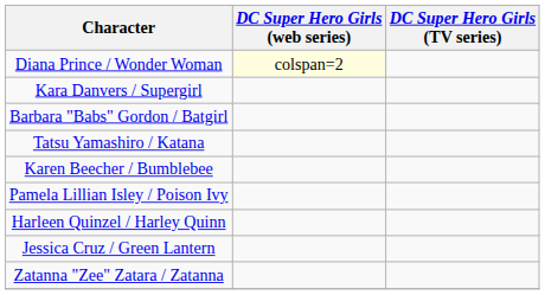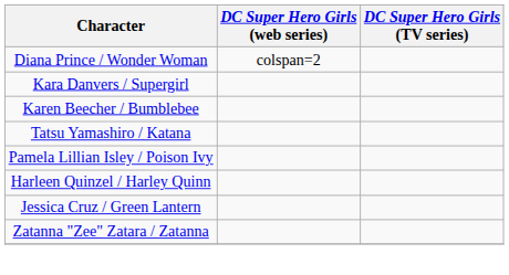 <table class="wikitable plainrowheaders width="75%" style="text-align:center">
 <tr>
 <th scope="col">Character</th>
 <th scope="col"><em><a href='#'>DC Super Hero Girls</a></em><br>(web series)</th>
 <th scope="col"><em><a href='#'>DC Super Hero Girls</a></em><br>(TV series)</th>
 </tr>
 <tr>
 <td><a href='#'>Diana Prince / Wonder Woman</a></td>
-<td style="background: lightyellow;">colspan=2 </td>
+<td>colspan=2 </td>
 </tr>
 <tr>
 <td><a href='#'>Kara Danvers / Supergirl</a></td>
 <td></td>
 <td></td>
 </tr>
 <tr>
-<td><a href='#'>Barbara "Babs" Gordon / Batgirl</a></td>
+<td><a href='#'>Karen Beecher / Bumblebee</a></td>
 <td></td>
 <td></td>
 </tr>
 <tr>
 <td><a href='#'>Tatsu Yamashiro / Katana</a></td>
-<td></td>
-<td></td>
-</tr>
-<tr>
-<td><a href='#'>Karen Beecher / Bumblebee</a></td>
 <td></td>
 <td></td>
 </tr>
 <tr>
 <td><a href='#'>Pamela Lillian Isley / Poison Ivy</a></td>
 <td></td>
 <td></td>
 </tr>
 <tr>
 <td><a href='#'>Harleen Quinzel / Harley Quinn</a></td>
 <td></td>
 <td></td>
 </tr>
 <tr>
 <td><a href='#'>Jessica Cruz / Green Lantern</a></td>
 <td></td>
 <td></td>
 </tr>
 <tr>
 <td><a href='#'>Zatanna "Zee" Zatara / Zatanna</a></td>
 <td></td>
 <td></td>
 </tr>
 <tr>
 </tr>
 </table>
